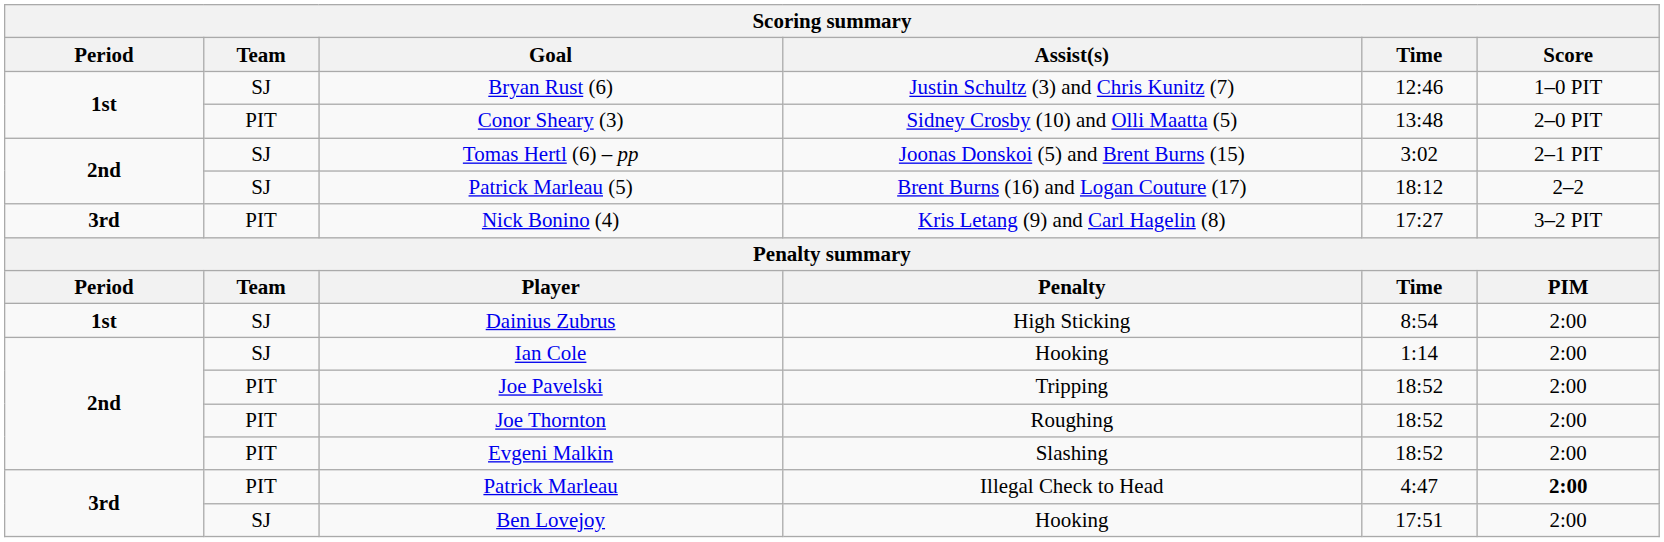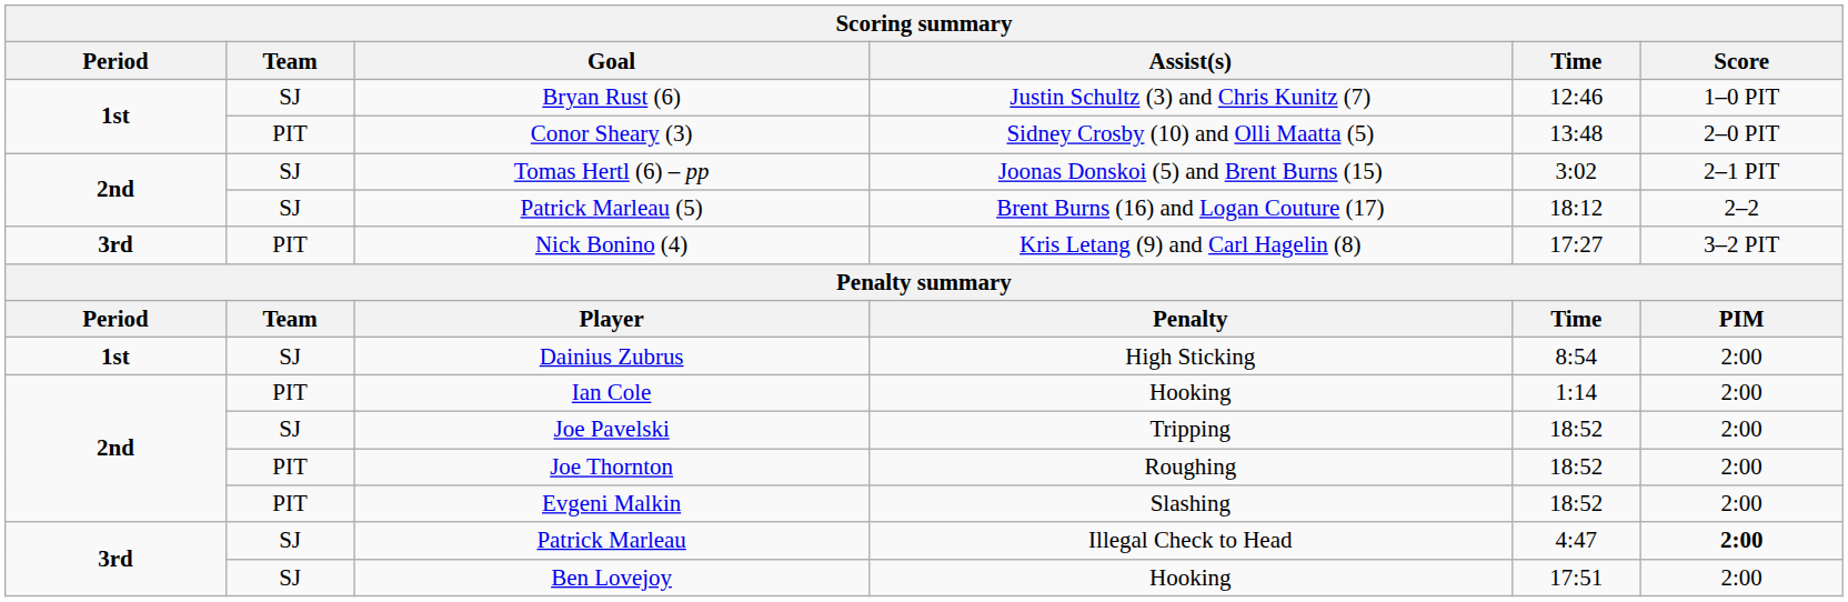 <table style="width:100%;" class="wikitable">
 <tr>
 <th colspan=6>Scoring summary</th>
 </tr>
 <tr>
 <th style="width:12%;">Period</th>
 <th style="width:7%;">Team</th>
 <th style="width:28%;">Goal</th>
 <th style="width:35%;">Assist(s)</th>
 <th style="width:7%;">Time</th>
 <th style="width:11%;">Score</th>
 </tr>
 <tr>
 <td style="text-align:center;" rowspan="2"><strong>1st</strong></td>
 <td align=center>SJ</td>
 <td align=center><a href='#'>Bryan Rust</a> (6)</td>
 <td align=center><a href='#'>Justin Schultz</a> (3) and <a href='#'>Chris Kunitz</a> (7)</td>
 <td align=center>12:46</td>
 <td align=center>1–0 PIT</td>
 </tr>
 <tr>
 <td align=center>PIT</td>
 <td align=center><a href='#'>Conor Sheary</a> (3)</td>
 <td align=center><a href='#'>Sidney Crosby</a> (10) and <a href='#'>Olli Maatta</a> (5)</td>
 <td align=center>13:48</td>
 <td align=center>2–0 PIT</td>
 </tr>
 <tr>
 <td style="text-align:center;" rowspan="2"><strong>2nd</strong></td>
 <td align=center>SJ</td>
 <td align=center><a href='#'>Tomas Hertl</a> (6) – <em>pp</em></td>
 <td align=center><a href='#'>Joonas Donskoi</a> (5) and <a href='#'>Brent Burns</a> (15)</td>
 <td align=center>3:02</td>
 <td align=center>2–1 PIT</td>
 </tr>
 <tr>
 <td align=center>SJ</td>
 <td align=center><a href='#'>Patrick Marleau</a> (5)</td>
 <td align=center><a href='#'>Brent Burns</a> (16) and <a href='#'>Logan Couture</a> (17)</td>
 <td align=center>18:12</td>
 <td align=center>2–2</td>
 </tr>
 <tr>
 <td style="text-align:center;"><strong>3rd</strong></td>
 <td align=center>PIT</td>
 <td align=center><a href='#'>Nick Bonino</a> (4)</td>
 <td align=center><a href='#'>Kris Letang</a> (9) and <a href='#'>Carl Hagelin</a> (8)</td>
 <td align=center>17:27</td>
 <td align=center>3–2 PIT</td>
 </tr>
 <tr>
 <th colspan=6>Penalty summary</th>
 </tr>
 <tr>
 <th style="width:12%;">Period</th>
 <th style="width:7%;">Team</th>
 <th style="width:28%;">Player</th>
 <th style="width:35%;">Penalty</th>
 <th style="width:7%;">Time</th>
 <th style="width:11%;">PIM</th>
 </tr>
 <tr>
 <td style="text-align:center;"><strong>1st</strong></td>
 <td align=center>SJ</td>
 <td align=center><a href='#'>Dainius Zubrus</a></td>
 <td align=center>High Sticking</td>
 <td align=center>8:54</td>
 <td align=center>2:00</td>
 </tr>
 <tr>
 <td style="text-align:center;" rowspan="4"><strong>2nd</strong></td>
-<td align=center>SJ</td>
+<td align=center>PIT</td>
 <td align=center><a href='#'>Ian Cole</a></td>
 <td align=center>Hooking</td>
 <td align=center>1:14</td>
 <td align=center>2:00</td>
 </tr>
 <tr>
-<td align=center>PIT</td>
+<td align=center>SJ</td>
 <td align=center><a href='#'>Joe Pavelski</a></td>
 <td align=center>Tripping</td>
 <td align=center>18:52</td>
 <td align=center>2:00</td>
 </tr>
 <tr>
 <td align=center>PIT</td>
 <td align=center><a href='#'>Joe Thornton</a></td>
 <td align=center>Roughing</td>
 <td align=center>18:52</td>
 <td align=center>2:00</td>
 </tr>
 <tr>
 <td align=center>PIT</td>
 <td align=center><a href='#'>Evgeni Malkin</a></td>
 <td align=center>Slashing</td>
 <td align=center>18:52</td>
 <td align=center>2:00</td>
 </tr>
 <tr>
 <td style="text-align:center;" rowspan="2"><strong>3rd</strong></td>
-<td align=center>PIT</td>
+<td align=center>SJ</td>
 <td align=center><a href='#'>Patrick Marleau</a></td>
 <td align=center>Illegal Check to Head</td>
 <td align=center>4:47</td>
 <td align=center><strong>2:00</strong></td>
 </tr>
 <tr>
 <td align=center>SJ</td>
 <td align=center><a href='#'>Ben Lovejoy</a></td>
 <td align=center>Hooking</td>
 <td align=center>17:51</td>
 <td align=center>2:00</td>
 </tr>
 </table>
